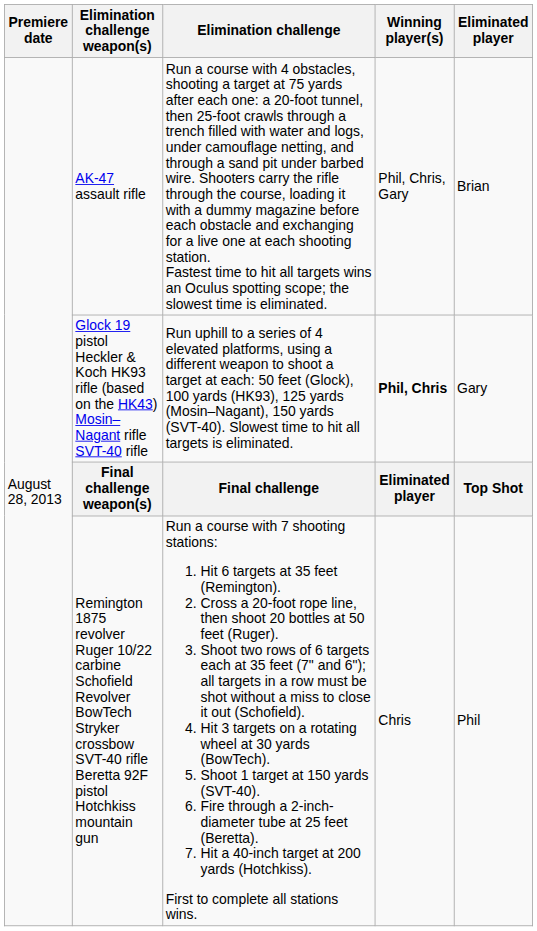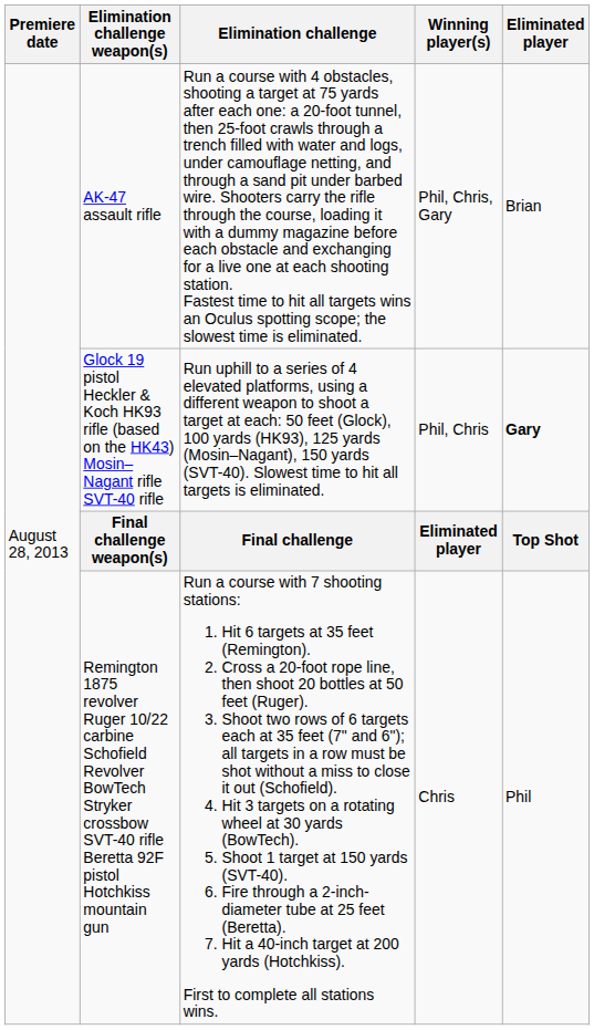 <table class="wikitable">
 <tr>
 <th>Premiere date</th>
 <th>Elimination challenge weapon(s)</th>
 <th>Elimination challenge</th>
 <th>Winning player(s)</th>
 <th>Eliminated player</th>
 </tr>
 <tr>
 <td rowspan="4">August 28, 2013</td>
 <td><a href='#'>AK-47</a> assault rifle</td>
 <td>Run a course with 4 obstacles, shooting a target at 75 yards after each one: a 20-foot tunnel, then 25-foot crawls through a trench filled with water and logs, under camouflage netting, and through a sand pit under barbed wire. Shooters carry the rifle through the course, loading it with a dummy magazine before each obstacle and exchanging for a live one at each shooting station.<br>Fastest time to hit all targets wins an Oculus spotting scope; the slowest time is eliminated.</td>
 <td>Phil, Chris, Gary</td>
 <td>Brian</td>
 </tr>
 <tr>
 <td><a href='#'>Glock 19</a> pistol<br>Heckler & Koch HK93 rifle (based on the <a href='#'>HK43</a>)<br><a href='#'>Mosin–Nagant</a> rifle<br><a href='#'>SVT-40</a> rifle</td>
 <td>Run uphill to a series of 4 elevated platforms, using a different weapon to shoot a target at each: 50 feet (Glock), 100 yards (HK93), 125 yards (Mosin–Nagant), 150 yards (SVT-40). Slowest time to hit all targets is eliminated.</td>
-<td><strong>Phil, Chris</strong></td>
-<td>Gary</td>
+<td>Phil, Chris</td>
+<td><strong>Gary</strong></td>
 </tr>
 <tr>
 <th>Final challenge weapon(s)</th>
 <th>Final challenge</th>
 <th>Eliminated player</th>
 <th>Top Shot</th>
 </tr>
 <tr>
 <td>Remington 1875 revolver<br>Ruger 10/22 carbine<br>Schofield Revolver<br>BowTech Stryker crossbow<br>SVT-40 rifle<br>Beretta 92F pistol<br>Hotchkiss mountain gun</td>
 <td>Run a course with 7 shooting stations:<br><ol><li>Hit 6 targets at 35 feet (Remington).</li><li>Cross a 20-foot rope line, then shoot 20 bottles at 50 feet (Ruger).</li><li>Shoot two rows of 6 targets each at 35 feet (7" and 6"); all targets in a row must be shot without a miss to close it out (Schofield).</li><li>Hit 3 targets on a rotating wheel at 30 yards (BowTech).</li><li>Shoot 1 target at 150 yards (SVT-40).</li><li>Fire through a 2-inch-diameter tube at 25 feet (Beretta).</li><li>Hit a 40-inch target at 200 yards (Hotchkiss).</li></ol>First to complete all stations wins.</td>
 <td>Chris</td>
 <td>Phil</td>
 </tr>
 </table>
